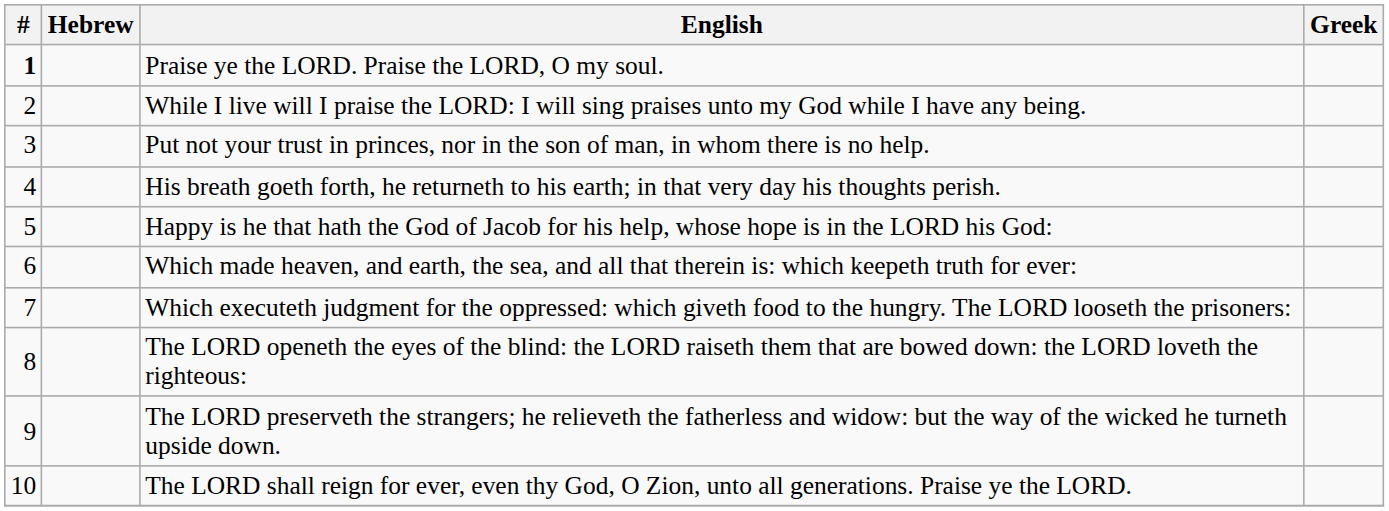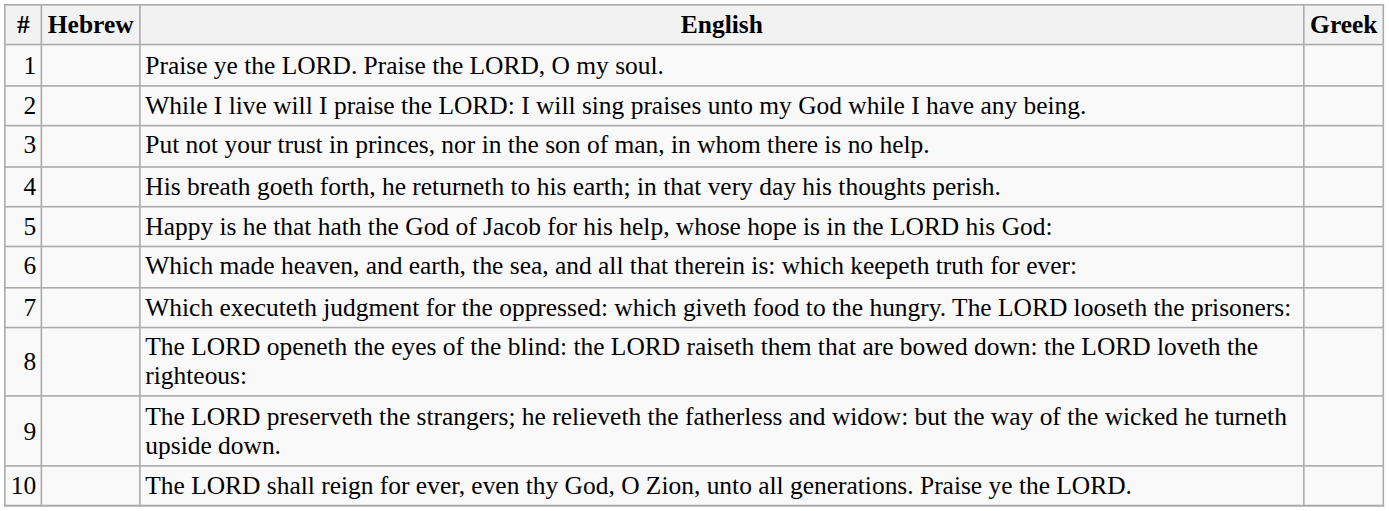 <table class=wikitable>
 <tr>
 <th>#</th>
 <th>Hebrew</th>
 <th>English</th>
 <th>Greek</th>
 </tr>
 <tr>
-<td style="text-align:right"><strong>1</strong></td>
+<td style="text-align:right">1</td>
 <td style="text-align:right"></td>
 <td>Praise ye the LORD. Praise the LORD, O my soul.</td>
 <td></td>
 </tr>
 <tr>
 <td style="text-align:right">2</td>
 <td style="text-align:right"></td>
 <td>While I live will I praise the LORD: I will sing praises unto my God while I have any being.</td>
 <td></td>
 </tr>
 <tr>
 <td style="text-align:right">3</td>
 <td style="text-align:right"></td>
 <td>Put not your trust in princes, nor in the son of man, in whom there is no help.</td>
 <td></td>
 </tr>
 <tr>
 <td style="text-align:right">4</td>
 <td style="text-align:right"></td>
 <td>His breath goeth forth, he returneth to his earth; in that very day his thoughts perish.</td>
 <td></td>
 </tr>
 <tr>
 <td style="text-align:right">5</td>
 <td style="text-align:right"></td>
 <td>Happy is he that hath the God of Jacob for his help, whose hope is in the LORD his God:</td>
 <td></td>
 </tr>
 <tr>
 <td style="text-align:right">6</td>
 <td style="text-align:right"></td>
 <td>Which made heaven, and earth, the sea, and all that therein is: which keepeth truth for ever:</td>
 <td></td>
 </tr>
 <tr>
 <td style="text-align:right">7</td>
 <td style="text-align:right"></td>
 <td>Which executeth judgment for the oppressed: which giveth food to the hungry. The LORD looseth the prisoners:</td>
 <td></td>
 </tr>
 <tr>
 <td style="text-align:right">8</td>
 <td style="text-align:right"></td>
 <td>The LORD openeth the eyes of the blind: the LORD raiseth them that are bowed down: the LORD loveth the righteous:</td>
 <td></td>
 </tr>
 <tr>
 <td style="text-align:right">9</td>
 <td style="text-align:right"></td>
 <td>The LORD preserveth the strangers; he relieveth the fatherless and widow: but the way of the wicked he turneth upside down.</td>
 <td></td>
 </tr>
 <tr>
 <td style="text-align:right">10</td>
 <td style="text-align:right"></td>
 <td>The LORD shall reign for ever, even thy God, O Zion, unto all generations. Praise ye the LORD.</td>
 <td></td>
 </tr>
 <tr>
 </tr>
 </table>
